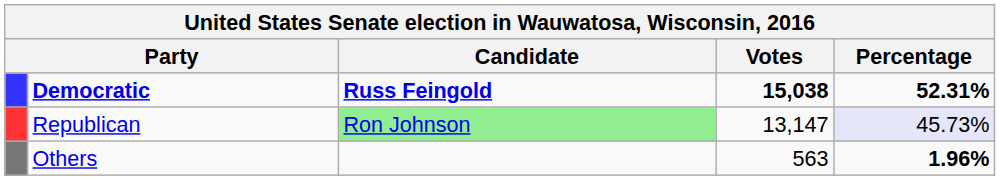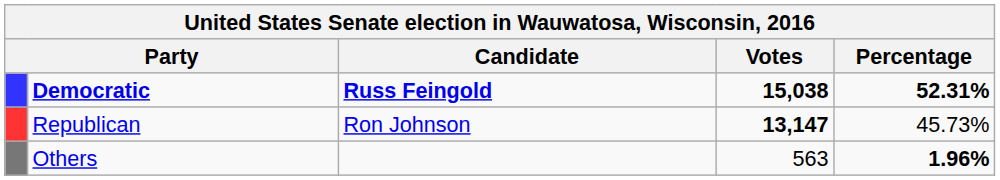 <table class="wikitable" style="font-size:95%;">
 <tr>
 <th colspan="7">United States Senate election in Wauwatosa, Wisconsin, 2016</th>
 </tr>
 <tr>
 <th colspan="2" style="width: 15em">Party</th>
 <th style="width: 17em">Candidate</th>
 <th style="width: 5em">Votes</th>
 <th style="width: 7em">Percentage</th>
 </tr>
 <tr>
 <th style="background:#33f; width:3px;"></th>
 <td style="width: 130px"><strong><a href='#'>Democratic</a></strong></td>
 <td><strong><a href='#'>Russ Feingold</a></strong></td>
 <td style="text-align:right;"><strong>15,038</strong></td>
 <td style="text-align:right;"><strong>52.31%</strong></td>
 </tr>
 <tr>
 <th style="background:#f33; width:3px;"></th>
 <td style="width: 130px"><a href='#'>Republican</a></td>
-<td style="background: lightgreen;"><a href='#'>Ron Johnson</a></td>
-<td style="text-align:right;">13,147</td>
-<td style="background: lavender; text-align:right;">45.73%</td>
+<td><a href='#'>Ron Johnson</a></td>
+<td style="text-align:right;"><strong>13,147</strong></td>
+<td style="text-align:right;">45.73%</td>
 </tr>
 <tr>
 <th style="background:#777; width:3px;"></th>
 <td style="width: 130px"><a href='#'>Others</a></td>
 <td></td>
 <td style="text-align:right;">563</td>
 <td style="text-align:right;"><strong>1.96%</strong></td>
 </tr>
 </table>
